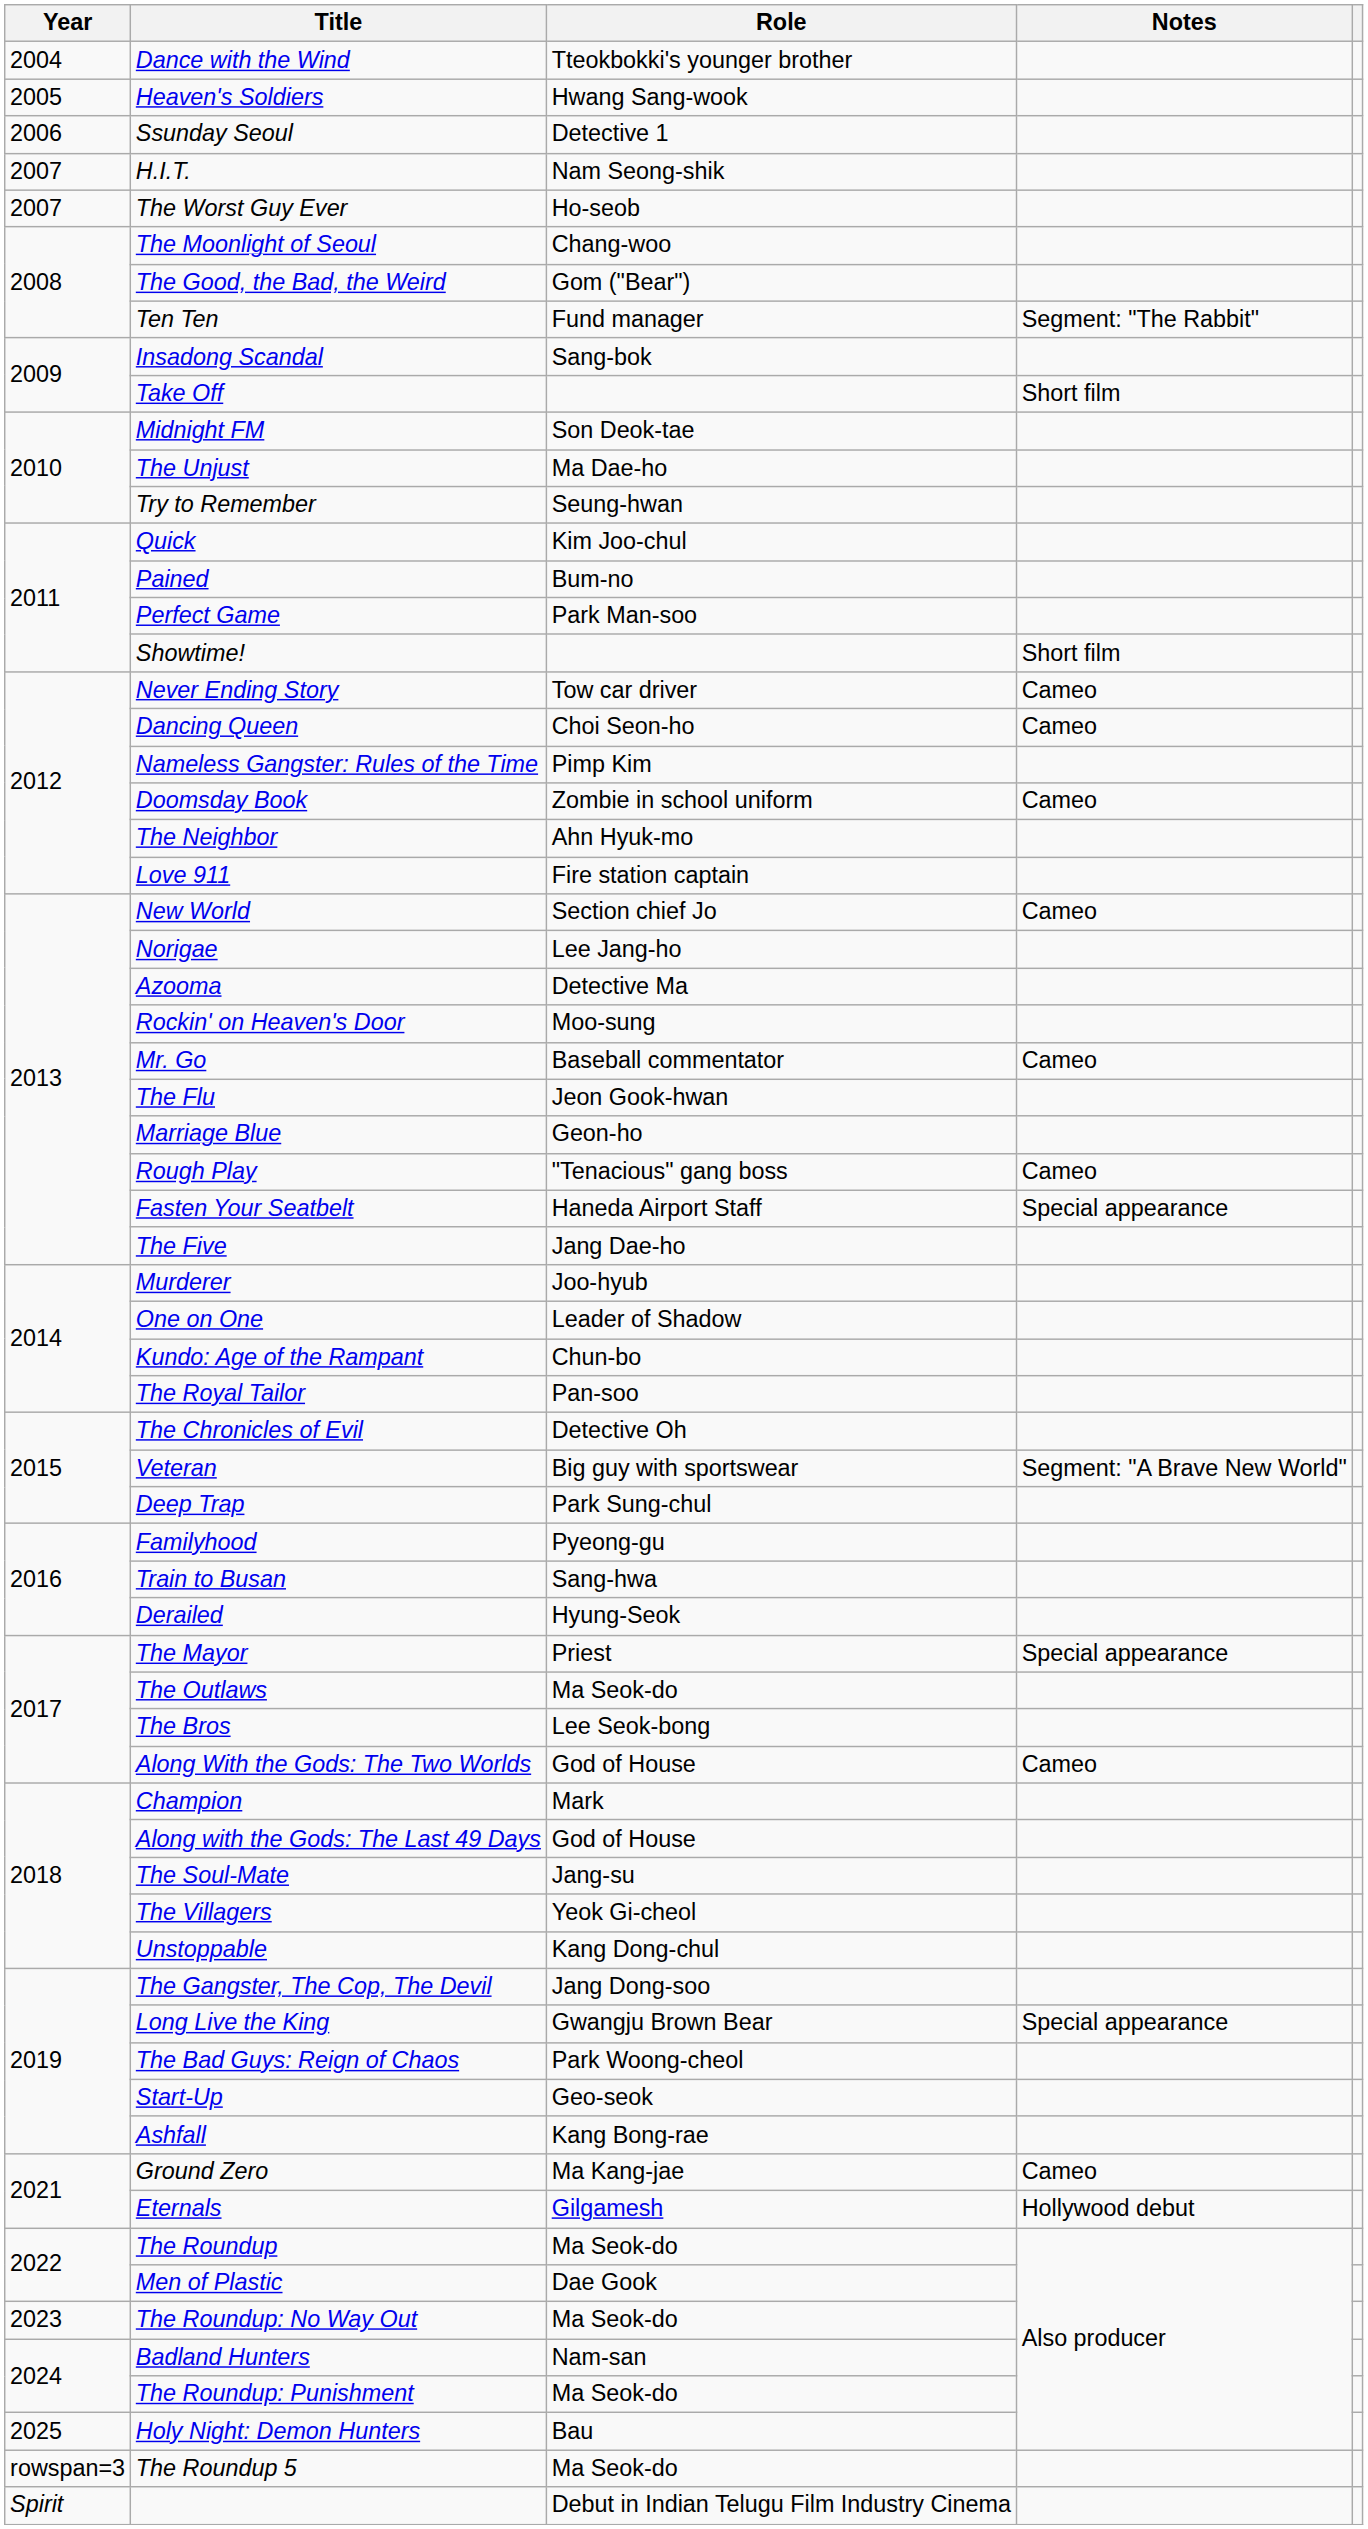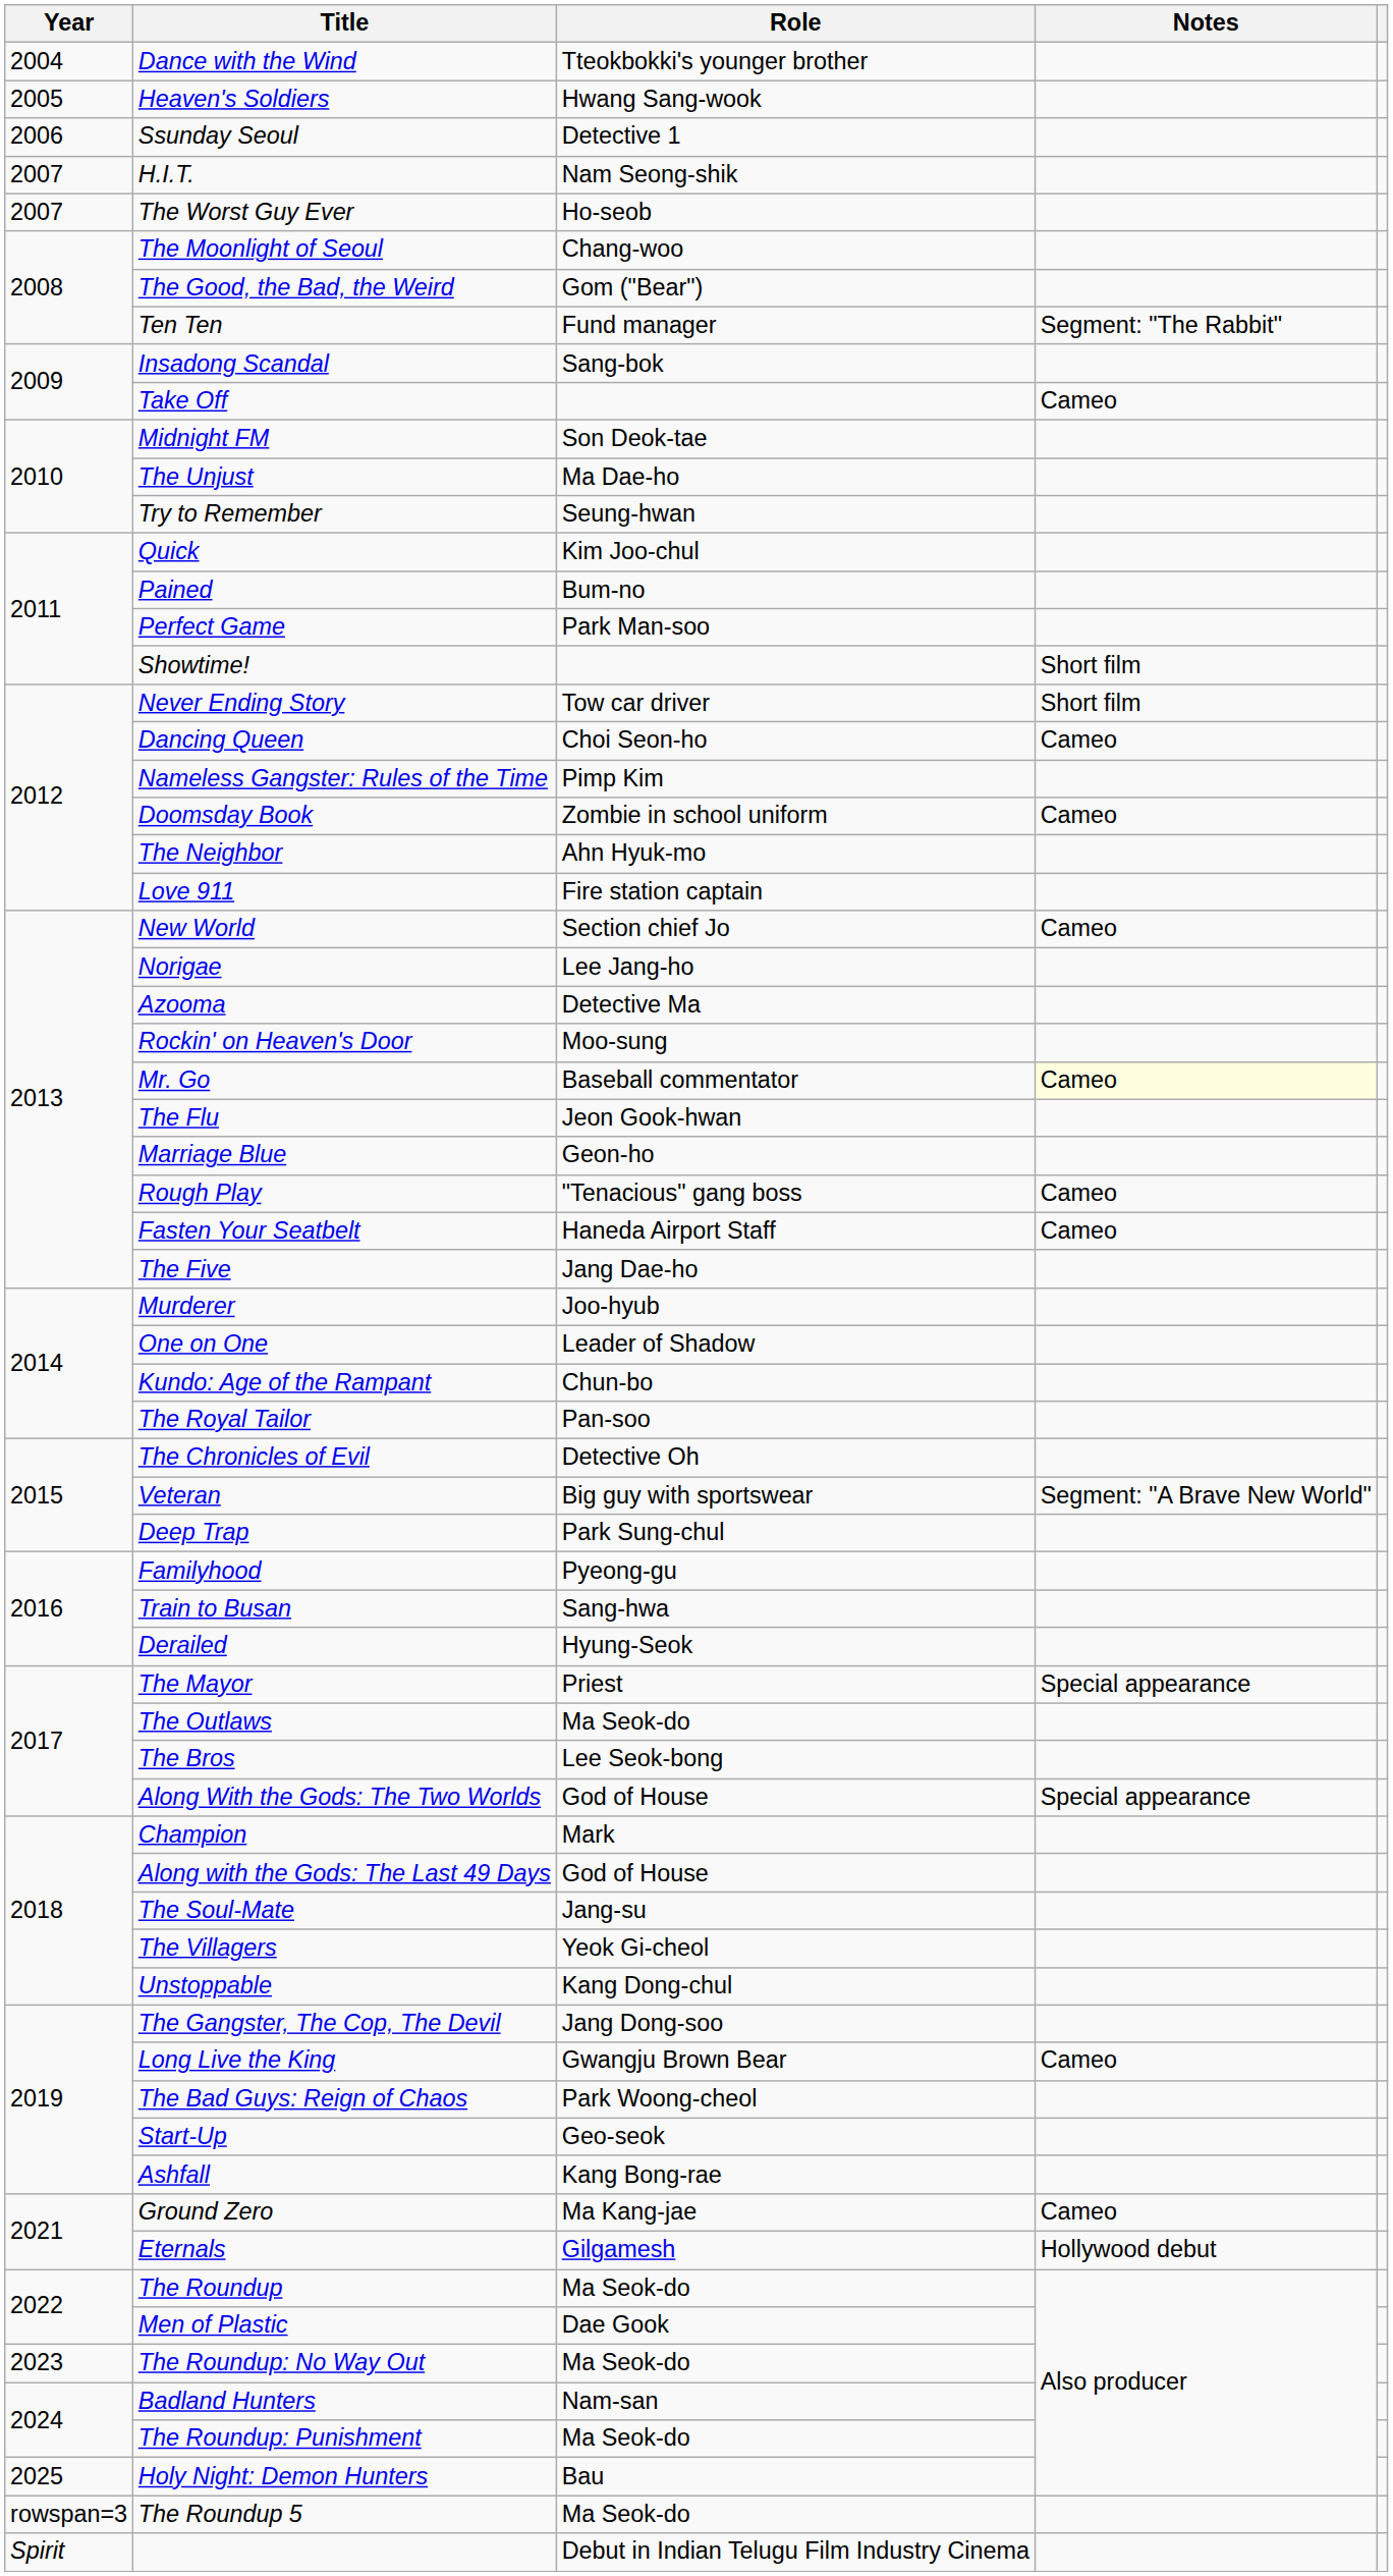 <table class="wikitable sortable">
 <tr>
 <th>Year</th>
 <th>Title</th>
 <th>Role</th>
 <th class="unsortable">Notes</th>
 <th scope="col" class="unsortable"></th>
 </tr>
 <tr>
 <td>2004</td>
 <td><em><a href='#'>Dance with the Wind</a></em></td>
 <td>Tteokbokki's younger brother</td>
 <td></td>
 <td></td>
 </tr>
 <tr>
 <td>2005</td>
 <td><em><a href='#'>Heaven's Soldiers</a></em></td>
 <td>Hwang Sang-wook</td>
 <td></td>
 <td></td>
 </tr>
 <tr>
 <td>2006</td>
 <td><em>Ssunday Seoul</em></td>
 <td>Detective 1</td>
 <td></td>
 <td></td>
 </tr>
 <tr>
 <td>2007</td>
 <td><em>H.I.T.</em></td>
 <td>Nam Seong-shik</td>
 <td></td>
 <td></td>
 </tr>
 <tr>
 <td>2007</td>
 <td><em>The Worst Guy Ever</em></td>
 <td>Ho-seob</td>
 <td></td>
 <td></td>
 </tr>
 <tr>
 <td rowspan="3">2008</td>
 <td><em><a href='#'>The Moonlight of Seoul</a></em></td>
 <td>Chang-woo</td>
 <td></td>
 <td></td>
 </tr>
 <tr>
 <td><em><a href='#'>The Good, the Bad, the Weird</a></em></td>
 <td>Gom ("Bear")</td>
 <td></td>
 <td></td>
 </tr>
 <tr>
 <td><em>Ten Ten</em></td>
 <td>Fund manager</td>
 <td>Segment: "The Rabbit"</td>
 <td></td>
 </tr>
 <tr>
 <td rowspan="2">2009</td>
 <td><em><a href='#'>Insadong Scandal</a></em></td>
 <td>Sang-bok</td>
 <td></td>
 <td></td>
 </tr>
 <tr>
 <td><em><a href='#'>Take Off</a></em></td>
 <td></td>
-<td>Short film</td>
+<td>Cameo</td>
 <td></td>
 </tr>
 <tr>
 <td rowspan="3">2010</td>
 <td><em><a href='#'>Midnight FM</a></em></td>
 <td>Son Deok-tae</td>
 <td></td>
 <td></td>
 </tr>
 <tr>
 <td><em><a href='#'>The Unjust</a></em></td>
 <td>Ma Dae-ho</td>
 <td></td>
 <td></td>
 </tr>
 <tr>
 <td><em>Try to Remember</em></td>
 <td>Seung-hwan</td>
 <td></td>
 <td></td>
 </tr>
 <tr>
 <td rowspan="4">2011</td>
 <td><em><a href='#'>Quick</a></em></td>
 <td>Kim Joo-chul</td>
 <td></td>
 <td></td>
 </tr>
 <tr>
 <td><em><a href='#'>Pained</a></em></td>
 <td>Bum-no</td>
 <td></td>
 <td></td>
 </tr>
 <tr>
 <td><em><a href='#'>Perfect Game</a></em></td>
 <td>Park Man-soo</td>
 <td></td>
 <td></td>
 </tr>
 <tr>
 <td><em>Showtime!</em></td>
 <td></td>
 <td>Short film</td>
 <td></td>
 </tr>
 <tr>
 <td rowspan="6">2012</td>
 <td><em><a href='#'>Never Ending Story</a></em></td>
 <td>Tow car driver</td>
-<td>Cameo</td>
+<td>Short film</td>
 <td></td>
 </tr>
 <tr>
 <td><em><a href='#'>Dancing Queen</a></em></td>
 <td>Choi Seon-ho</td>
 <td>Cameo</td>
 <td></td>
 </tr>
 <tr>
 <td><em><a href='#'>Nameless Gangster: Rules of the Time</a></em></td>
 <td>Pimp Kim</td>
 <td></td>
 <td></td>
 </tr>
 <tr>
 <td><em><a href='#'>Doomsday Book</a></em></td>
 <td>Zombie in school uniform</td>
 <td>Cameo</td>
 <td></td>
 </tr>
 <tr>
 <td><em><a href='#'>The Neighbor</a></em></td>
 <td>Ahn Hyuk-mo</td>
 <td></td>
 <td></td>
 </tr>
 <tr>
 <td><em><a href='#'>Love 911</a></em></td>
 <td>Fire station captain</td>
 <td></td>
 <td></td>
 </tr>
 <tr>
 <td rowspan="10">2013</td>
 <td><em><a href='#'>New World</a></em></td>
 <td>Section chief Jo</td>
 <td>Cameo</td>
 <td></td>
 </tr>
 <tr>
 <td><em><a href='#'>Norigae</a></em></td>
 <td>Lee Jang-ho</td>
 <td></td>
 <td></td>
 </tr>
 <tr>
 <td><em><a href='#'>Azooma</a></em></td>
 <td>Detective Ma</td>
 <td></td>
 <td></td>
 </tr>
 <tr>
 <td><em><a href='#'>Rockin' on Heaven's Door</a></em></td>
 <td>Moo-sung</td>
 <td></td>
 <td></td>
 </tr>
 <tr>
 <td><em><a href='#'>Mr. Go</a></em></td>
 <td>Baseball commentator</td>
-<td>Cameo</td>
+<td style="background: lightyellow;">Cameo</td>
 <td></td>
 </tr>
 <tr>
 <td><em><a href='#'>The Flu</a></em></td>
 <td>Jeon Gook-hwan</td>
 <td></td>
 <td></td>
 </tr>
 <tr>
 <td><em><a href='#'>Marriage Blue</a></em></td>
 <td>Geon-ho</td>
 <td></td>
 <td></td>
 </tr>
 <tr>
 <td><em><a href='#'>Rough Play</a></em></td>
 <td>"Tenacious" gang boss</td>
 <td>Cameo</td>
 <td></td>
 </tr>
 <tr>
 <td><em><a href='#'>Fasten Your Seatbelt</a></em></td>
 <td>Haneda Airport Staff</td>
-<td>Special appearance</td>
+<td>Cameo</td>
 <td></td>
 </tr>
 <tr>
 <td><em><a href='#'>The Five</a></em></td>
 <td>Jang Dae-ho</td>
 <td></td>
 <td></td>
 </tr>
 <tr>
 <td rowspan="4">2014</td>
 <td><em><a href='#'>Murderer</a></em></td>
 <td>Joo-hyub</td>
 <td></td>
 <td></td>
 </tr>
 <tr>
 <td><em><a href='#'>One on One</a></em></td>
 <td>Leader of Shadow</td>
 <td></td>
 <td></td>
 </tr>
 <tr>
 <td><em><a href='#'>Kundo: Age of the Rampant</a></em></td>
 <td>Chun-bo</td>
 <td></td>
 <td></td>
 </tr>
 <tr>
 <td><em><a href='#'>The Royal Tailor</a></em></td>
 <td>Pan-soo</td>
 <td></td>
 <td></td>
 </tr>
 <tr>
 <td rowspan="3">2015</td>
 <td><em><a href='#'>The Chronicles of Evil</a></em></td>
 <td>Detective Oh</td>
 <td></td>
 <td></td>
 </tr>
 <tr>
 <td><em><a href='#'>Veteran</a></em></td>
 <td>Big guy with sportswear</td>
 <td>Segment: "A Brave New World"</td>
 <td></td>
 </tr>
 <tr>
 <td><em><a href='#'>Deep Trap</a></em></td>
 <td>Park Sung-chul</td>
 <td></td>
 <td></td>
 </tr>
 <tr>
 <td rowspan="3">2016</td>
 <td><em><a href='#'>Familyhood</a></em></td>
 <td>Pyeong-gu</td>
 <td></td>
 <td></td>
 </tr>
 <tr>
 <td><em><a href='#'>Train to Busan</a></em></td>
 <td>Sang-hwa</td>
 <td></td>
 <td></td>
 </tr>
 <tr>
 <td><a href='#'><em>Derailed</em></a></td>
 <td>Hyung-Seok</td>
 <td></td>
 <td></td>
 </tr>
 <tr>
 <td rowspan="4">2017</td>
 <td><em><a href='#'>The Mayor</a></em></td>
 <td>Priest</td>
 <td>Special appearance</td>
 <td></td>
 </tr>
 <tr>
 <td><em><a href='#'>The Outlaws</a></em></td>
 <td>Ma Seok-do</td>
 <td></td>
 <td></td>
 </tr>
 <tr>
 <td><em><a href='#'>The Bros</a></em></td>
 <td>Lee Seok-bong</td>
 <td></td>
 <td></td>
 </tr>
 <tr>
 <td><em><a href='#'>Along With the Gods: The Two Worlds</a></em></td>
 <td>God of House</td>
-<td>Cameo</td>
+<td>Special appearance</td>
 <td></td>
 </tr>
 <tr>
 <td rowspan="5">2018</td>
 <td><em><a href='#'>Champion</a></em></td>
 <td>Mark</td>
 <td></td>
 <td></td>
 </tr>
 <tr>
 <td><em><a href='#'>Along with the Gods: The Last 49 Days</a></em></td>
 <td>God of House</td>
 <td></td>
 <td></td>
 </tr>
 <tr>
 <td><em><a href='#'>The Soul-Mate</a></em></td>
 <td>Jang-su</td>
 <td></td>
 <td></td>
 </tr>
 <tr>
 <td><em><a href='#'>The Villagers</a></em></td>
 <td>Yeok Gi-cheol</td>
 <td></td>
 <td></td>
 </tr>
 <tr>
 <td><em><a href='#'>Unstoppable</a></em></td>
 <td>Kang Dong-chul</td>
 <td></td>
 <td></td>
 </tr>
 <tr>
 <td rowspan="5">2019</td>
 <td><em><a href='#'>The Gangster, The Cop, The Devil</a></em></td>
 <td>Jang Dong-soo</td>
 <td></td>
 <td></td>
 </tr>
 <tr>
 <td><em><a href='#'>Long Live the King</a></em></td>
 <td>Gwangju Brown Bear</td>
-<td>Special appearance</td>
+<td>Cameo</td>
 <td></td>
 </tr>
 <tr>
 <td><em><a href='#'>The Bad Guys: Reign of Chaos</a></em></td>
 <td>Park Woong-cheol</td>
 <td></td>
 <td></td>
 </tr>
 <tr>
 <td><em><a href='#'>Start-Up</a></em></td>
 <td>Geo-seok</td>
 <td></td>
 <td></td>
 </tr>
 <tr>
 <td><em><a href='#'>Ashfall</a></em></td>
 <td>Kang Bong-rae</td>
 <td></td>
 <td></td>
 </tr>
 <tr>
 <td rowspan="2">2021</td>
 <td><em>Ground Zero</em></td>
 <td>Ma Kang-jae</td>
 <td>Cameo</td>
 <td></td>
 </tr>
 <tr>
 <td><em><a href='#'>Eternals</a></em></td>
 <td><a href='#'>Gilgamesh</a></td>
 <td>Hollywood debut</td>
 <td></td>
 </tr>
 <tr>
 <td rowspan=2>2022</td>
 <td><em><a href='#'>The Roundup</a></em></td>
 <td>Ma Seok-do</td>
 <td rowspan="6">Also producer</td>
 <td></td>
 </tr>
 <tr>
 <td><em><a href='#'>Men of Plastic</a></em></td>
 <td>Dae Gook</td>
 <td></td>
 </tr>
 <tr>
 <td>2023</td>
 <td><em><a href='#'>The Roundup: No Way Out</a></em></td>
 <td>Ma Seok-do</td>
 <td></td>
 </tr>
 <tr>
 <td rowspan="2">2024</td>
 <td><em><a href='#'>Badland Hunters</a></em></td>
 <td>Nam-san</td>
 <td></td>
 </tr>
 <tr>
 <td><em><a href='#'>The Roundup: Punishment</a></em></td>
 <td>Ma Seok-do</td>
 <td></td>
 </tr>
 <tr>
 <td>2025</td>
 <td><em><a href='#'>Holy Night: Demon Hunters</a></em></td>
 <td>Bau</td>
 <td></td>
 </tr>
 <tr>
 <td>rowspan=3 </td>
 <td><em>The Roundup 5</em></td>
 <td>Ma Seok-do</td>
 <td></td>
 <td></td>
 </tr>
 <tr>
 <td><em>Spirit</em></td>
 <td></td>
 <td>Debut in Indian Telugu Film Industry Cinema</td>
 <td></td>
 </tr>
 <tr>
 </tr>
 </table>
